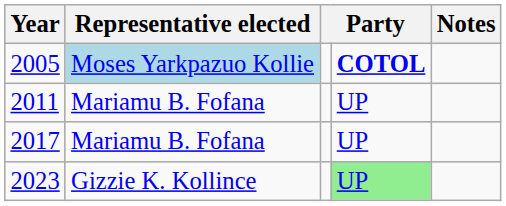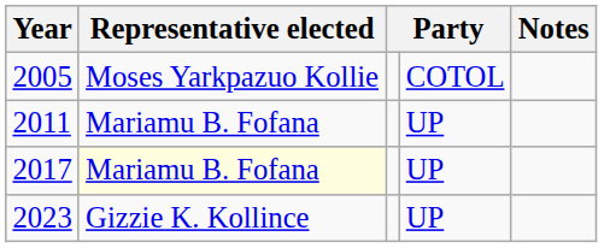 <table class="wikitable">
 <tr>
 <th>Year</th>
 <th>Representative elected</th>
 <th colspan=2>Party</th>
 <th>Notes</th>
 </tr>
 <tr>
 <td><a href='#'>2005</a></td>
-<td style="background: lightblue;"><a href='#'>Moses Yarkpazuo Kollie</a></td>
+<td><a href='#'>Moses Yarkpazuo Kollie</a></td>
 <td></td>
-<td><strong><a href='#'>COTOL</a></strong></td>
+<td><a href='#'>COTOL</a></td>
 <td></td>
 </tr>
 <tr>
 <td><a href='#'>2011</a></td>
 <td><a href='#'>Mariamu B. Fofana</a></td>
 <td></td>
 <td><a href='#'>UP</a></td>
 <td></td>
 </tr>
 <tr>
 <td><a href='#'>2017</a></td>
-<td><a href='#'>Mariamu B. Fofana</a></td>
+<td style="background: lightyellow;"><a href='#'>Mariamu B. Fofana</a></td>
 <td></td>
 <td><a href='#'>UP</a></td>
 <td></td>
 </tr>
 <tr>
 <td><a href='#'>2023</a></td>
 <td><a href='#'>Gizzie K. Kollince</a></td>
 <td></td>
-<td style="background: lightgreen;"><a href='#'>UP</a></td>
+<td><a href='#'>UP</a></td>
 <td></td>
 </tr>
 </table>
